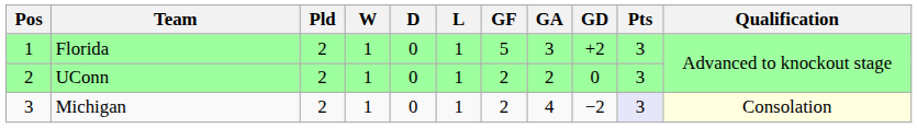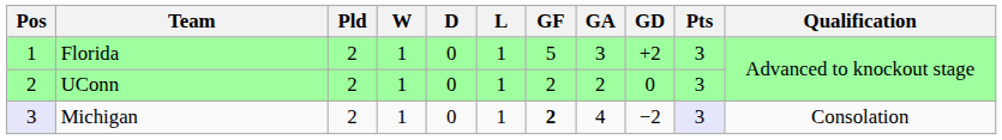 <table class="wikitable" style="text-align:center; margin: 1em auto">
 <tr>
 <th style="width:2em">Pos</th>
 <th style="width:13em">Team</th>
 <th style="width:2em">Pld</th>
 <th style="width:2em">W</th>
 <th style="width:2em">D</th>
 <th style="width:2em">L</th>
 <th style="width:2em">GF</th>
 <th style="width:2em">GA</th>
 <th style="width:2em">GD</th>
 <th style="width:2em">Pts</th>
 <th style="width:13em">Qualification</th>
 </tr>
 <tr bgcolor="#9eff9e">
 <td>1</td>
 <td style="text-align:left">Florida</td>
 <td>2</td>
 <td>1</td>
 <td>0</td>
 <td>1</td>
 <td>5</td>
 <td>3</td>
 <td>+2</td>
 <td>3</td>
 <td rowspan="2">Advanced to knockout stage</td>
 </tr>
 <tr bgcolor="#9eff9e">
 <td>2</td>
 <td style="text-align:left">UConn</td>
 <td>2</td>
 <td>1</td>
 <td>0</td>
 <td>1</td>
 <td>2</td>
 <td>2</td>
 <td>0</td>
 <td>3</td>
 </tr>
 <tr>
-<td>3</td>
+<td style="background: lavender;">3</td>
 <td style="text-align:left">Michigan</td>
 <td>2</td>
 <td>1</td>
 <td>0</td>
 <td>1</td>
-<td>2</td>
+<td><strong>2</strong></td>
 <td>4</td>
 <td>−2</td>
 <td style="background: lavender;">3</td>
-<td style="background: lightyellow;">Consolation</td>
+<td>Consolation</td>
 </tr>
 </table>
